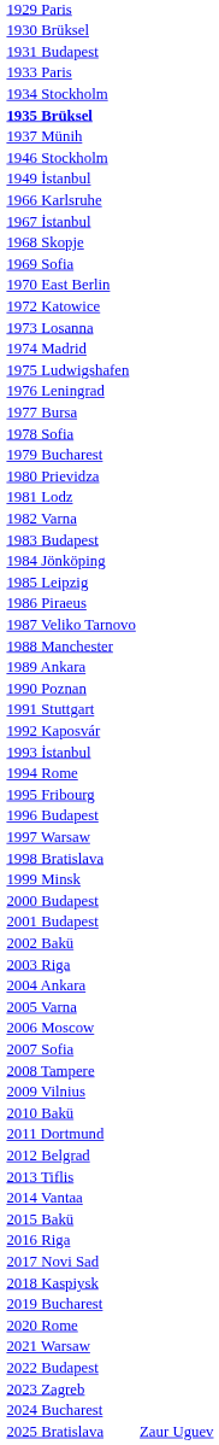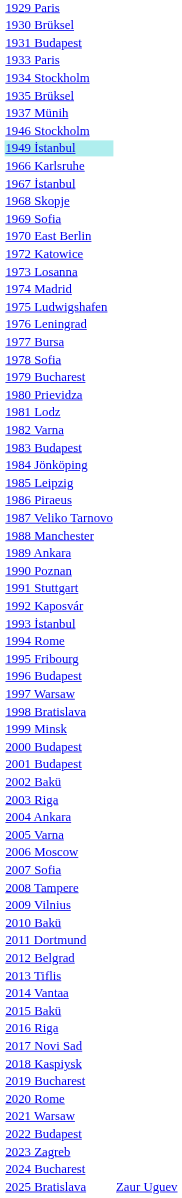 <table>
 <tr>
 <td><a href='#'>1929 Paris</a></td>
 <td></td>
 <td></td>
 <td></td>
 </tr>
 <tr>
 <td><a href='#'>1930 Brüksel</a></td>
 <td></td>
 <td></td>
 <td></td>
 </tr>
 <tr>
 <td><a href='#'>1931 Budapest</a></td>
 <td></td>
 <td></td>
 <td></td>
 </tr>
 <tr>
 <td><a href='#'>1933 Paris</a></td>
 <td></td>
 <td></td>
 <td></td>
 </tr>
 <tr>
 <td><a href='#'>1934 Stockholm</a></td>
 <td></td>
 <td></td>
 <td></td>
 </tr>
 <tr>
-<td><strong><a href='#'>1935 Brüksel</a></strong></td>
+<td><a href='#'>1935 Brüksel</a></td>
 <td></td>
 <td></td>
 <td></td>
 </tr>
 <tr>
 <td><a href='#'>1937 Münih</a></td>
 <td></td>
 <td></td>
 <td></td>
 </tr>
 <tr>
 <td><a href='#'>1946 Stockholm</a></td>
 <td></td>
 <td></td>
 <td></td>
 </tr>
 <tr>
-<td><a href='#'>1949 İstanbul</a></td>
+<td style="background: paleturquoise;"><a href='#'>1949 İstanbul</a></td>
 <td></td>
 <td></td>
 <td></td>
 </tr>
 <tr>
 <td><a href='#'>1966 Karlsruhe</a></td>
 <td></td>
 <td></td>
 <td></td>
 </tr>
 <tr>
 <td><a href='#'>1967 İstanbul</a></td>
 <td></td>
 <td></td>
 <td></td>
 </tr>
 <tr>
 <td><a href='#'>1968 Skopje</a></td>
 <td></td>
 <td></td>
 <td></td>
 </tr>
 <tr>
 <td><a href='#'>1969 Sofia</a></td>
 <td></td>
 <td></td>
 <td></td>
 </tr>
 <tr>
 <td><a href='#'>1970 East Berlin</a></td>
 <td></td>
 <td></td>
 <td></td>
 </tr>
 <tr>
 <td><a href='#'>1972 Katowice</a></td>
 <td></td>
 <td></td>
 <td></td>
 </tr>
 <tr>
 <td><a href='#'>1973 Losanna</a></td>
 <td></td>
 <td></td>
 <td></td>
 </tr>
 <tr>
 <td><a href='#'>1974 Madrid</a></td>
 <td></td>
 <td></td>
 <td></td>
 </tr>
 <tr>
 <td><a href='#'>1975 Ludwigshafen</a></td>
 <td></td>
 <td></td>
 <td></td>
 </tr>
 <tr>
 <td><a href='#'>1976 Leningrad</a></td>
 <td></td>
 <td></td>
 <td></td>
 </tr>
 <tr>
 <td><a href='#'>1977 Bursa</a></td>
 <td></td>
 <td></td>
 <td></td>
 </tr>
 <tr>
 <td><a href='#'>1978 Sofia</a></td>
 <td></td>
 <td></td>
 <td></td>
 </tr>
 <tr>
 <td><a href='#'>1979 Bucharest</a></td>
 <td></td>
 <td></td>
 <td></td>
 </tr>
 <tr>
 <td><a href='#'>1980 Prievidza</a></td>
 <td></td>
 <td></td>
 <td></td>
 </tr>
 <tr>
 <td><a href='#'>1981 Lodz</a></td>
 <td></td>
 <td></td>
 <td></td>
 </tr>
 <tr>
 <td><a href='#'>1982 Varna</a></td>
 <td></td>
 <td></td>
 <td></td>
 </tr>
 <tr>
 <td><a href='#'>1983 Budapest</a></td>
 <td></td>
 <td></td>
 <td></td>
 </tr>
 <tr>
 <td><a href='#'>1984 Jönköping</a></td>
 <td></td>
 <td></td>
 <td></td>
 </tr>
 <tr>
 <td><a href='#'>1985 Leipzig</a></td>
 <td></td>
 <td></td>
 <td></td>
 </tr>
 <tr>
 <td><a href='#'>1986 Piraeus</a></td>
 <td></td>
 <td></td>
 <td></td>
 </tr>
 <tr>
 <td><a href='#'>1987 Veliko Tarnovo</a></td>
 <td></td>
 <td></td>
 <td></td>
 </tr>
 <tr>
 <td><a href='#'>1988 Manchester</a></td>
 <td></td>
 <td></td>
 <td></td>
 </tr>
 <tr>
 <td><a href='#'>1989 Ankara</a></td>
 <td></td>
 <td></td>
 <td></td>
 </tr>
 <tr>
 <td><a href='#'>1990 Poznan</a></td>
 <td></td>
 <td></td>
 <td></td>
 </tr>
 <tr>
 <td><a href='#'>1991 Stuttgart</a></td>
 <td></td>
 <td></td>
 <td></td>
 </tr>
 <tr>
 <td><a href='#'>1992 Kaposvár</a></td>
 <td></td>
 <td></td>
 <td></td>
 </tr>
 <tr>
 <td><a href='#'>1993 İstanbul</a></td>
 <td></td>
 <td></td>
 <td></td>
 </tr>
 <tr>
 <td><a href='#'>1994 Rome</a></td>
 <td></td>
 <td></td>
 <td></td>
 </tr>
 <tr>
 <td><a href='#'>1995 Fribourg</a></td>
 <td></td>
 <td></td>
 <td></td>
 </tr>
 <tr>
 <td><a href='#'>1996 Budapest</a></td>
 <td></td>
 <td></td>
 <td></td>
 </tr>
 <tr>
 <td><a href='#'>1997 Warsaw</a></td>
 <td></td>
 <td></td>
 <td></td>
 </tr>
 <tr>
 <td><a href='#'>1998 Bratislava</a></td>
 <td></td>
 <td></td>
 <td></td>
 </tr>
 <tr>
 <td><a href='#'>1999 Minsk</a></td>
 <td></td>
 <td></td>
 <td></td>
 </tr>
 <tr>
 <td><a href='#'>2000 Budapest</a></td>
 <td></td>
 <td></td>
 <td></td>
 </tr>
 <tr>
 <td><a href='#'>2001 Budapest</a></td>
 <td></td>
 <td></td>
 <td></td>
 </tr>
 <tr>
 <td><a href='#'>2002 Bakü</a></td>
 <td></td>
 <td></td>
 <td></td>
 </tr>
 <tr>
 <td><a href='#'>2003 Riga</a></td>
 <td></td>
 <td></td>
 <td></td>
 </tr>
 <tr>
 <td><a href='#'>2004 Ankara</a></td>
 <td></td>
 <td></td>
 <td></td>
 </tr>
 <tr>
 <td rowspan=2><a href='#'>2005 Varna</a></td>
 <td rowspan=2></td>
 <td rowspan=2></td>
 <td></td>
 </tr>
 <tr>
 <td></td>
 </tr>
 <tr>
 <td rowspan=2><a href='#'>2006 Moscow</a></td>
 <td rowspan=2></td>
 <td rowspan=2></td>
 <td></td>
 </tr>
 <tr>
 <td></td>
 </tr>
 <tr>
 <td rowspan=2><a href='#'>2007 Sofia</a></td>
 <td rowspan=2></td>
 <td rowspan=2></td>
 <td></td>
 </tr>
 <tr>
 <td></td>
 </tr>
 <tr>
 <td rowspan=2><a href='#'>2008 Tampere</a></td>
 <td rowspan=2></td>
 <td rowspan=2></td>
 <td></td>
 </tr>
 <tr>
 <td></td>
 </tr>
 <tr>
 <td rowspan=2><a href='#'>2009 Vilnius</a></td>
 <td rowspan=2></td>
 <td rowspan=2></td>
 <td></td>
 </tr>
 <tr>
 <td></td>
 </tr>
 <tr>
 <td rowspan=2><a href='#'>2010 Bakü</a></td>
 <td rowspan=2></td>
 <td rowspan=2></td>
 <td></td>
 </tr>
 <tr>
 <td></td>
 </tr>
 <tr>
 <td rowspan=2><a href='#'>2011 Dortmund</a></td>
 <td rowspan=2></td>
 <td rowspan=2></td>
 <td></td>
 </tr>
 <tr>
 <td></td>
 </tr>
 <tr>
 <td rowspan=2><a href='#'>2012 Belgrad</a></td>
 <td rowspan=2></td>
 <td rowspan=2></td>
 <td></td>
 </tr>
 <tr>
 <td></td>
 </tr>
 <tr>
 <td rowspan=2><a href='#'>2013 Tiflis</a></td>
 <td rowspan=2></td>
 <td rowspan=2></td>
 <td></td>
 </tr>
 <tr>
 <td></td>
 </tr>
 <tr>
 <td rowspan=2><a href='#'>2014 Vantaa</a></td>
 <td rowspan=2></td>
 <td rowspan=2></td>
 <td></td>
 </tr>
 <tr>
 <td></td>
 </tr>
 <tr>
 <td rowspan=2><a href='#'>2015 Bakü</a></td>
 <td rowspan=2></td>
 <td rowspan=2></td>
 <td></td>
 </tr>
 <tr>
 <td></td>
 </tr>
 <tr>
 <td rowspan=2><a href='#'>2016 Riga</a></td>
 <td rowspan=2></td>
 <td rowspan=2></td>
 <td></td>
 </tr>
 <tr>
 <td></td>
 </tr>
 <tr>
 <td rowspan=2><a href='#'>2017 Novi Sad</a></td>
 <td rowspan=2></td>
 <td rowspan=2></td>
 <td></td>
 </tr>
 <tr>
 <td></td>
 </tr>
 <tr>
 <td rowspan=2><a href='#'>2018 Kaspiysk</a></td>
 <td rowspan=2></td>
 <td rowspan=2></td>
 <td></td>
 </tr>
 <tr>
 <td></td>
 </tr>
 <tr>
 <td rowspan=2><a href='#'>2019 Bucharest</a></td>
 <td rowspan=2></td>
 <td rowspan=2></td>
 <td></td>
 </tr>
 <tr>
 <td></td>
 </tr>
 <tr>
 <td rowspan=2><a href='#'>2020 Rome</a></td>
 <td rowspan=2></td>
 <td rowspan=2></td>
 <td></td>
 </tr>
 <tr>
 <td></td>
 </tr>
 <tr>
 <td rowspan=2><a href='#'>2021 Warsaw</a></td>
 <td rowspan=2></td>
 <td rowspan=2></td>
 <td></td>
 </tr>
 <tr>
 <td></td>
 </tr>
 <tr>
 <td rowspan=2><a href='#'>2022 Budapest</a></td>
 <td rowspan=2></td>
 <td rowspan=2></td>
 <td></td>
 </tr>
 <tr>
 <td></td>
 </tr>
 <tr>
 <td rowspan=2><a href='#'>2023 Zagreb</a></td>
 <td rowspan=2></td>
 <td rowspan=2></td>
 <td></td>
 </tr>
 <tr>
 <td></td>
 </tr>
 <tr>
 <td rowspan=2><a href='#'>2024 Bucharest</a></td>
 <td rowspan=2></td>
 <td rowspan=2></td>
 <td></td>
 </tr>
 <tr>
 <td></td>
 </tr>
 <tr>
 <td rowspan=2><a href='#'>2025 Bratislava</a></td>
 <td rowspan=2> <a href='#'>Zaur Uguev</a> </td>
 <td rowspan=2></td>
 <td></td>
 </tr>
 <tr>
 <td></td>
 </tr>
 </table>
